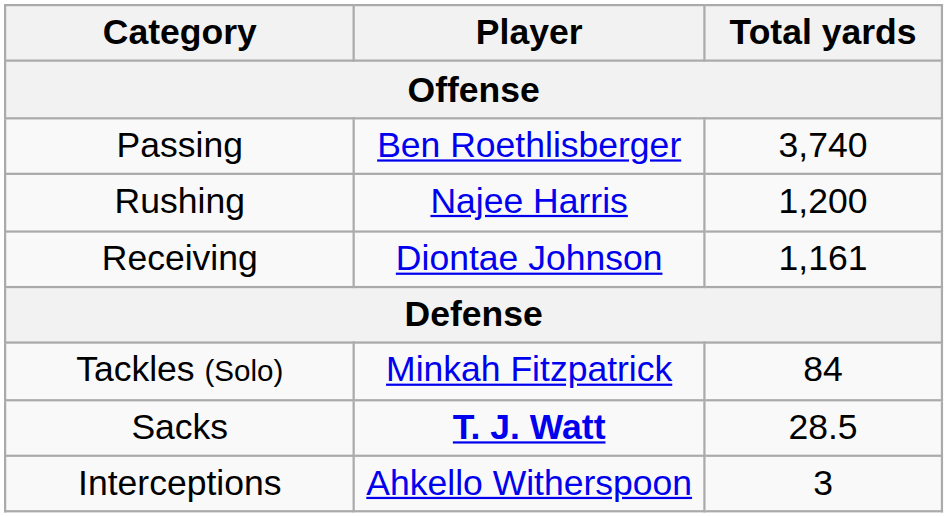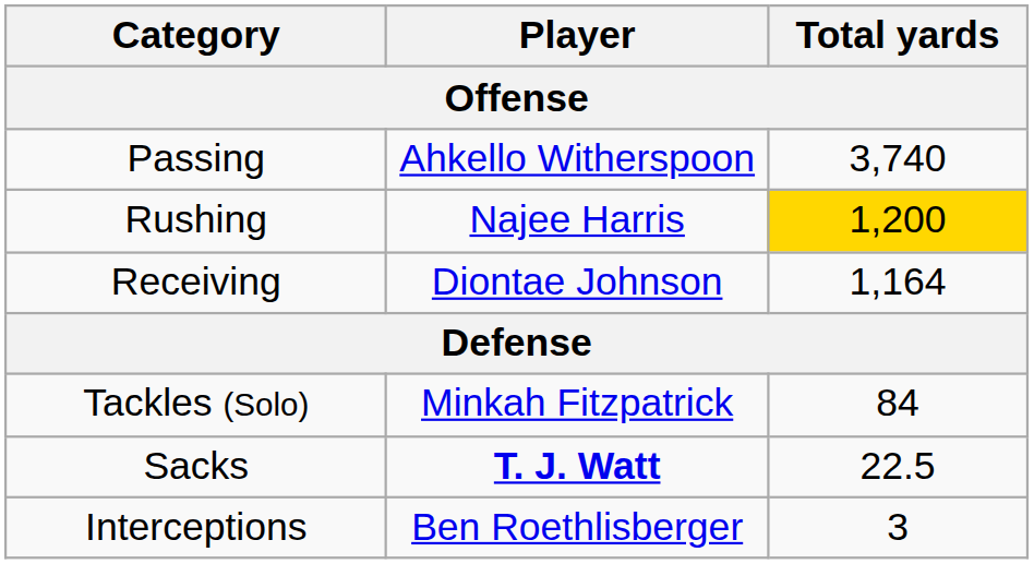 <table class="wikitable" style="text-align:center">
 <tr>
 <th width="150">Category</th>
 <th width="150">Player</th>
 <th width="100">Total yards</th>
 </tr>
 <tr>
 <th align="center" colspan="4">Offense</th>
 </tr>
 <tr>
 <td>Passing</td>
-<td><a href='#'>Ben Roethlisberger</a></td>
+<td><a href='#'>Ahkello Witherspoon</a></td>
 <td>3,740</td>
 </tr>
 <tr>
 <td>Rushing</td>
 <td><a href='#'>Najee Harris</a></td>
-<td>1,200</td>
+<td style="background: gold;">1,200</td>
 </tr>
 <tr>
 <td>Receiving</td>
 <td><a href='#'>Diontae Johnson</a></td>
-<td>1,161</td>
+<td>1,164</td>
 </tr>
 <tr>
 <th align="center" colspan="4">Defense</th>
 </tr>
 <tr>
 <td>Tackles <small>(Solo)</small></td>
 <td><a href='#'>Minkah Fitzpatrick</a></td>
 <td>84</td>
 </tr>
 <tr>
 <td>Sacks</td>
 <td><strong><a href='#'>T. J. Watt</a></strong></td>
-<td>28.5</td>
+<td>22.5</td>
 </tr>
 <tr>
 <td>Interceptions</td>
-<td><a href='#'>Ahkello Witherspoon</a></td>
+<td><a href='#'>Ben Roethlisberger</a></td>
 <td>3</td>
 </tr>
 </table>
